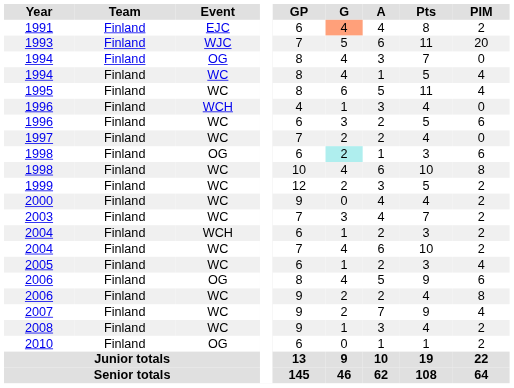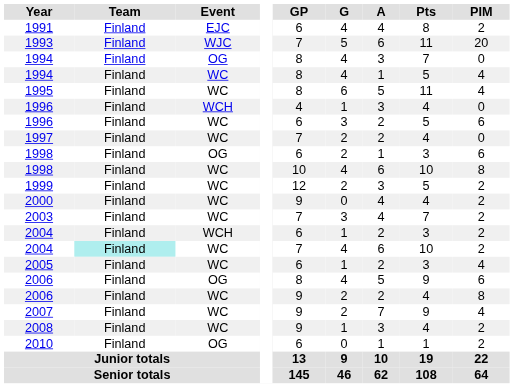 <table border="0" cellpadding="1" cellspacing="0" style="text-align:center; width:40em">
 <tr align="center" bgcolor="#e0e0e0">
 <th>Year</th>
 <th>Team</th>
 <th>Event</th>
 <th rowspan="99" bgcolor="#ffffff"> </th>
 <th>GP</th>
 <th>G</th>
 <th>A</th>
 <th>Pts</th>
 <th>PIM</th>
 </tr>
 <tr>
 <td><a href='#'>1991</a></td>
 <td><a href='#'>Finland</a></td>
 <td><a href='#'>EJC</a></td>
 <td>6</td>
-<td style="background: lightsalmon;">4</td>
+<td>4</td>
 <td>4</td>
 <td>8</td>
 <td>2</td>
 </tr>
 <tr bgcolor="#f0f0f0">
 <td><a href='#'>1993</a></td>
 <td><a href='#'>Finland</a></td>
 <td><a href='#'>WJC</a></td>
 <td>7</td>
 <td>5</td>
 <td>6</td>
 <td>11</td>
 <td>20</td>
 </tr>
 <tr>
 <td><a href='#'>1994</a></td>
 <td><a href='#'>Finland</a></td>
 <td><a href='#'>OG</a></td>
 <td>8</td>
 <td>4</td>
 <td>3</td>
 <td>7</td>
 <td>0</td>
 </tr>
 <tr bgcolor="#f0f0f0">
 <td><a href='#'>1994</a></td>
 <td>Finland</td>
 <td><a href='#'>WC</a></td>
 <td>8</td>
 <td>4</td>
 <td>1</td>
 <td>5</td>
 <td>4</td>
 </tr>
 <tr>
 <td><a href='#'>1995</a></td>
 <td>Finland</td>
 <td>WC</td>
 <td>8</td>
 <td>6</td>
 <td>5</td>
 <td>11</td>
 <td>4</td>
 </tr>
 <tr bgcolor="#f0f0f0">
 <td><a href='#'>1996</a></td>
 <td>Finland</td>
 <td><a href='#'>WCH</a></td>
 <td>4</td>
 <td>1</td>
 <td>3</td>
 <td>4</td>
 <td>0</td>
 </tr>
 <tr>
 <td><a href='#'>1996</a></td>
 <td>Finland</td>
 <td>WC</td>
 <td>6</td>
 <td>3</td>
 <td>2</td>
 <td>5</td>
 <td>6</td>
 </tr>
 <tr bgcolor="#f0f0f0">
 <td><a href='#'>1997</a></td>
 <td>Finland</td>
 <td>WC</td>
 <td>7</td>
 <td>2</td>
 <td>2</td>
 <td>4</td>
 <td>0</td>
 </tr>
 <tr>
 <td><a href='#'>1998</a></td>
 <td>Finland</td>
 <td>OG</td>
 <td>6</td>
-<td style="background: paleturquoise;">2</td>
+<td>2</td>
 <td>1</td>
 <td>3</td>
 <td>6</td>
 </tr>
 <tr bgcolor="#f0f0f0">
 <td><a href='#'>1998</a></td>
 <td>Finland</td>
 <td>WC</td>
 <td>10</td>
 <td>4</td>
 <td>6</td>
 <td>10</td>
 <td>8</td>
 </tr>
 <tr>
 <td><a href='#'>1999</a></td>
 <td>Finland</td>
 <td>WC</td>
 <td>12</td>
 <td>2</td>
 <td>3</td>
 <td>5</td>
 <td>2</td>
 </tr>
 <tr bgcolor="#f0f0f0">
 <td><a href='#'>2000</a></td>
 <td>Finland</td>
 <td>WC</td>
 <td>9</td>
 <td>0</td>
 <td>4</td>
 <td>4</td>
 <td>2</td>
 </tr>
 <tr>
 <td><a href='#'>2003</a></td>
 <td>Finland</td>
 <td>WC</td>
 <td>7</td>
 <td>3</td>
 <td>4</td>
 <td>7</td>
 <td>2</td>
 </tr>
 <tr bgcolor="#f0f0f0">
 <td><a href='#'>2004</a></td>
 <td>Finland</td>
 <td>WCH</td>
 <td>6</td>
 <td>1</td>
 <td>2</td>
 <td>3</td>
 <td>2</td>
 </tr>
 <tr>
 <td><a href='#'>2004</a></td>
-<td>Finland</td>
+<td style="background: paleturquoise;">Finland</td>
 <td>WC</td>
 <td>7</td>
 <td>4</td>
 <td>6</td>
 <td>10</td>
 <td>2</td>
 </tr>
 <tr bgcolor="#f0f0f0">
 <td><a href='#'>2005</a></td>
 <td>Finland</td>
 <td>WC</td>
 <td>6</td>
 <td>1</td>
 <td>2</td>
 <td>3</td>
 <td>4</td>
 </tr>
 <tr>
 <td><a href='#'>2006</a></td>
 <td>Finland</td>
 <td>OG</td>
 <td>8</td>
 <td>4</td>
 <td>5</td>
 <td>9</td>
 <td>6</td>
 </tr>
 <tr bgcolor="#f0f0f0">
 <td><a href='#'>2006</a></td>
 <td>Finland</td>
 <td>WC</td>
 <td>9</td>
 <td>2</td>
 <td>2</td>
 <td>4</td>
 <td>8</td>
 </tr>
 <tr>
 <td><a href='#'>2007</a></td>
 <td>Finland</td>
 <td>WC</td>
 <td>9</td>
 <td>2</td>
 <td>7</td>
 <td>9</td>
 <td>4</td>
 </tr>
 <tr bgcolor="#f0f0f0">
 <td><a href='#'>2008</a></td>
 <td>Finland</td>
 <td>WC</td>
 <td>9</td>
 <td>1</td>
 <td>3</td>
 <td>4</td>
 <td>2</td>
 </tr>
 <tr>
 <td><a href='#'>2010</a></td>
 <td>Finland</td>
 <td>OG</td>
 <td>6</td>
 <td>0</td>
 <td>1</td>
 <td>1</td>
 <td>2</td>
 </tr>
 <tr bgcolor="#e0e0e0">
 <th colspan=3>Junior totals</th>
 <th>13</th>
 <th>9</th>
 <th>10</th>
 <th>19</th>
 <th>22</th>
 </tr>
 <tr bgcolor="#e0e0e0">
 <th colspan=3>Senior totals</th>
 <th>145</th>
 <th>46</th>
 <th>62</th>
 <th>108</th>
 <th>64</th>
 </tr>
 </table>
